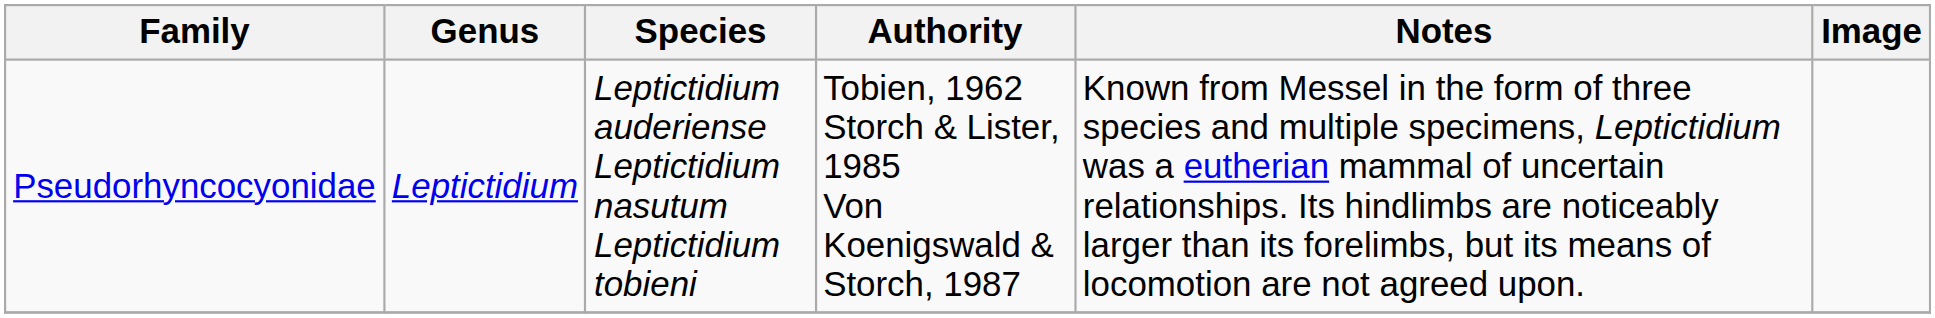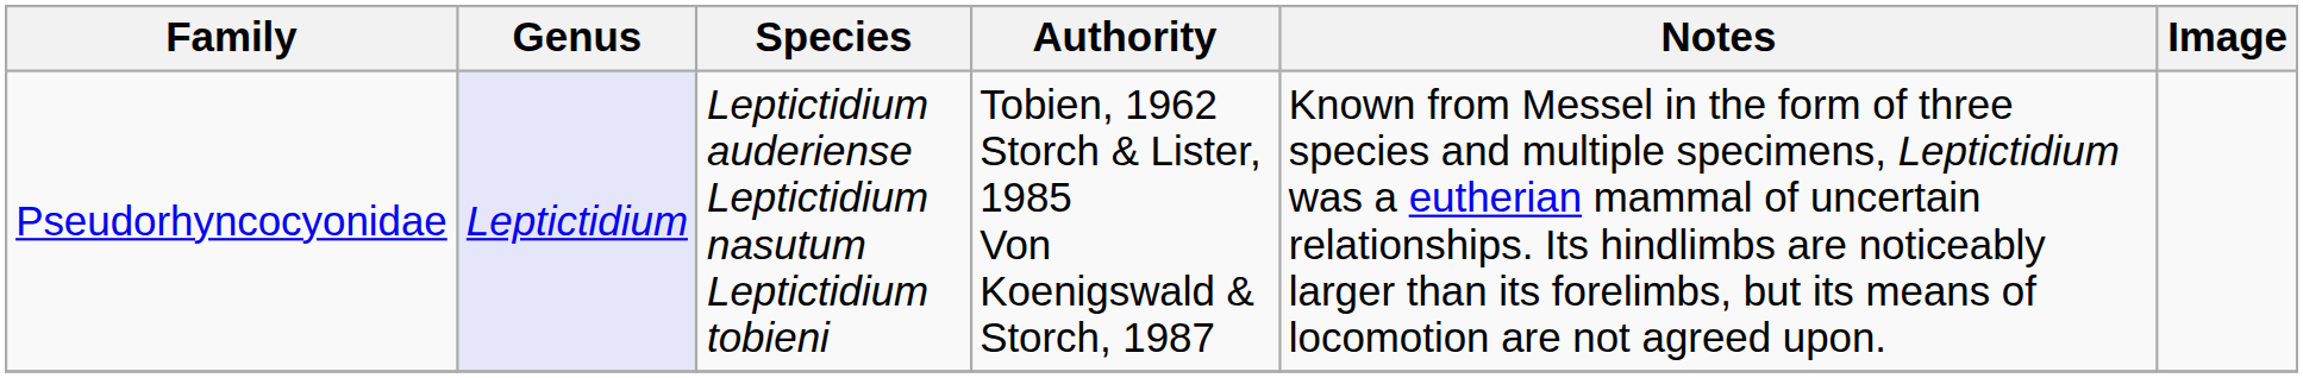 <table class="wikitable" align="center" width="100%">
 <tr>
 <th>Family</th>
 <th>Genus</th>
 <th>Species</th>
 <th>Authority</th>
 <th>Notes</th>
 <th>Image</th>
 </tr>
 <tr>
 <td><a href='#'>Pseudorhyncocyonidae</a></td>
-<td><em><a href='#'>Leptictidium</a></em></td>
+<td style="background: lavender;"><em><a href='#'>Leptictidium</a></em></td>
 <td><em>Leptictidium  auderiense</em><br><em>Leptictidium nasutum</em><br><em>Leptictidium tobieni</em></td>
 <td>Tobien, 1962<br>Storch & Lister, 1985<br>Von Koenigswald & Storch, 1987</td>
 <td>Known from Messel in the form of three species and multiple specimens, <em>Leptictidium</em> was a <a href='#'>eutherian</a> mammal of uncertain relationships. Its hindlimbs are noticeably larger than its forelimbs, but its means of locomotion are not agreed upon.</td>
 <td></td>
 </tr>
 <tr>
 </tr>
 </table>
